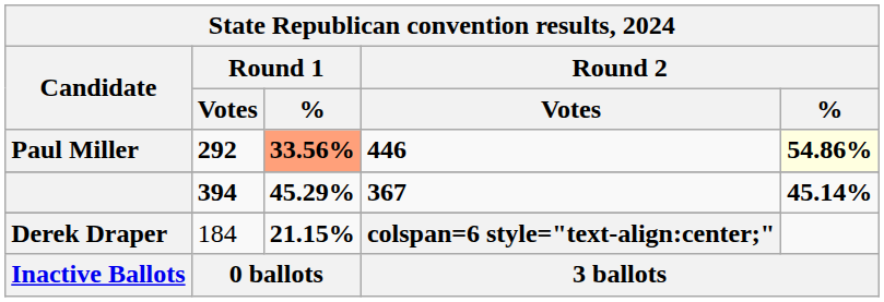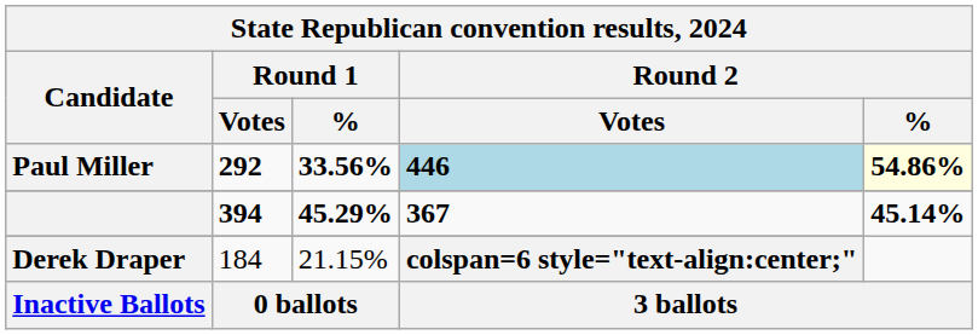 <table class="wikitable sortable">
 <tr>
 <th colspan="9">State Republican convention results, 2024</th>
 </tr>
 <tr style="background:#eee; text-align:center;">
 <th rowspan=2 style="text-align:center;">Candidate</th>
 <th colspan=2 style="text-align:center;">Round 1</th>
 <th colspan=2 style="text-align:center;">Round 2</th>
 </tr>
 <tr>
 <th>Votes</th>
 <th>%</th>
 <th>Votes</th>
 <th>%</th>
 </tr>
 <tr>
 <th scope="row" style="text-align:left;">Paul Miller</th>
 <td><strong>292</strong></td>
-<td style="background: lightsalmon;"><strong>33.56%</strong></td>
-<td><strong>446</strong></td>
+<td><strong>33.56%</strong></td>
+<td style="background: lightblue;"><strong>446</strong></td>
 <td style="background: lightyellow;"><strong>54.86%</strong></td>
 </tr>
 <tr>
 </tr>
 <tr>
 <th scope="row" style="text-align:left;"></th>
 <td><strong>394</strong></td>
 <td><strong>45.29%</strong></td>
 <td><strong>367</strong></td>
 <td><strong>45.14%</strong></td>
 </tr>
 <tr>
 </tr>
 <tr>
 <th scope="row" style="text-align:left;">Derek Draper</th>
 <td>184</td>
-<td><strong>21.15%</strong></td>
+<td>21.15%</td>
 <th>colspan=6 style="text-align:center;" </th>
 </tr>
 <tr>
 <th scope="row" style="text-align:left;"><a href='#'>Inactive Ballots</a></th>
 <th colspan="2">0 ballots</th>
 <th colspan="2">3 ballots</th>
 </tr>
 </table>
